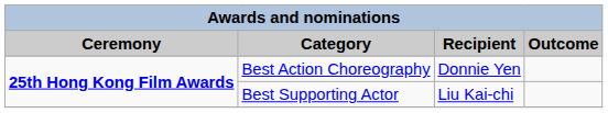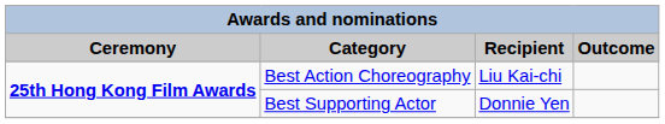 <table class="wikitable" style="font-size:95%;" ;>
 <tr style="background:#ccc; text-align:center;">
 <th colspan="4" style="background: LightSteelBlue;">Awards and nominations</th>
 </tr>
 <tr style="background:#ccc; text-align:center;">
 <th style="background:#ccc">Ceremony</th>
 <th style="background:#ccc">Category</th>
 <th style="background:#ccc">Recipient</th>
 <th style="background:#ccc">Outcome</th>
 </tr>
 <tr>
 <td rowspan=2><strong><a href='#'>25th Hong Kong Film Awards</a></strong></td>
 <td><a href='#'>Best Action Choreography</a></td>
-<td><a href='#'>Donnie Yen</a></td>
+<td><a href='#'>Liu Kai-chi</a></td>
 <td></td>
 </tr>
 <tr>
 <td><a href='#'>Best Supporting Actor</a></td>
-<td><a href='#'>Liu Kai-chi</a></td>
+<td><a href='#'>Donnie Yen</a></td>
 <td></td>
 </tr>
 <tr>
 </tr>
 </table>
